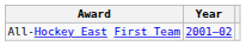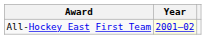 <table class="wikitable">
 <tr>
 <th>Award</th>
 <th>Year</th>
 <th></th>
 </tr>
 <tr>
 <td>All-<a href='#'>Hockey East</a> <a href='#'>First Team</a></td>
-<td><a href='#'>2001–02</a></td>
+<td style="background: lightyellow;"><a href='#'>2001–02</a></td>
 <td></td>
 </tr>
 </table>
